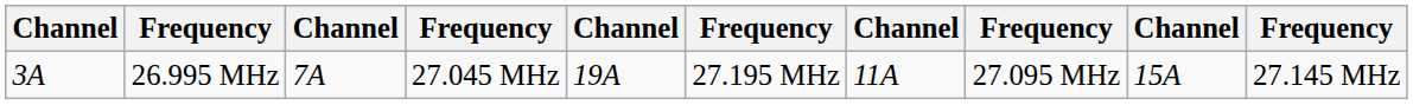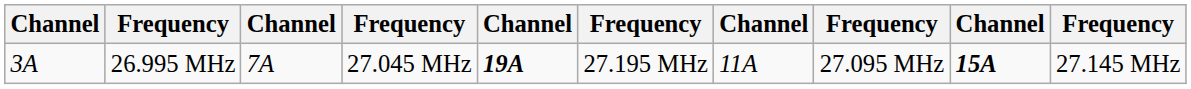 <table class="wikitable">
 <tr>
 <th>Channel</th>
 <th>Frequency</th>
 <th>Channel</th>
 <th>Frequency</th>
 <th>Channel</th>
 <th>Frequency</th>
 <th>Channel</th>
 <th>Frequency</th>
 <th>Channel</th>
 <th>Frequency</th>
 </tr>
 <tr>
 <td><em>3A</em></td>
 <td>26.995 MHz</td>
 <td><em>7A</em></td>
 <td>27.045 MHz</td>
-<td><em>19A</em></td>
+<td><strong><em>19A</em></strong></td>
 <td>27.195 MHz</td>
 <td><em>11A</em></td>
 <td>27.095 MHz</td>
-<td><em>15A</em></td>
+<td><strong><em>15A</em></strong></td>
 <td>27.145 MHz</td>
 </tr>
 </table>
